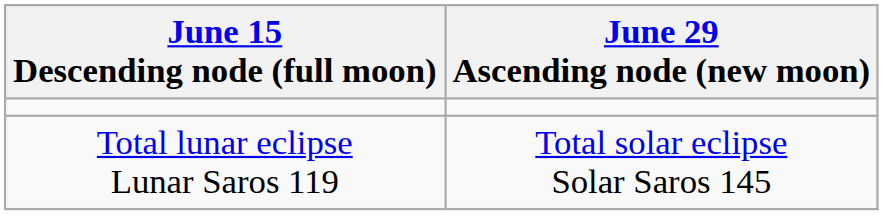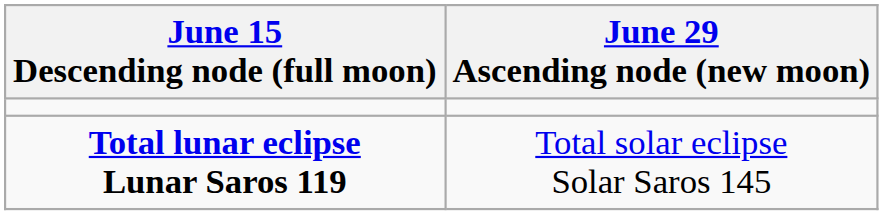 <table class="wikitable">
 <tr>
 <th><a href='#'>June 15</a><br>Descending node (full moon)</th>
 <th><a href='#'>June 29</a><br>Ascending node (new moon)</th>
 </tr>
 <tr>
 <td></td>
 <td></td>
 </tr>
 <tr align=center>
-<td><a href='#'>Total lunar eclipse</a><br>Lunar Saros 119</td>
+<td><strong><a href='#'>Total lunar eclipse</a><br>Lunar Saros 119</strong></td>
 <td><a href='#'>Total solar eclipse</a><br>Solar Saros 145</td>
 </tr>
 </table>
